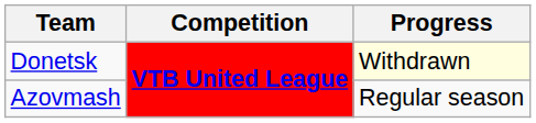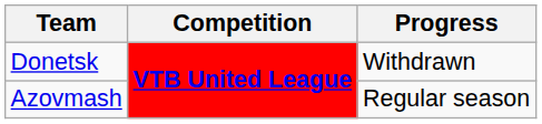 <table class="wikitable sortable">
 <tr>
 <th>Team</th>
 <th>Competition</th>
 <th>Progress</th>
 </tr>
 <tr>
 <td><a href='#'>Donetsk</a></td>
 <td rowspan="2" style="background-color:red;color:white;text-align:center"><strong><span><a href='#'>VTB United League</a></span></strong></td>
-<td style="background: lightyellow;">Withdrawn</td>
+<td>Withdrawn</td>
 </tr>
 <tr>
 <td><a href='#'>Azovmash</a></td>
 <td>Regular season</td>
 </tr>
 </table>
